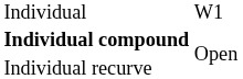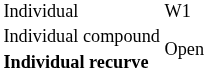 <table>
 <tr>
 <td>Individual<br></td>
 <td>W1</td>
 <td></td>
 <td></td>
 <td></td>
 </tr>
 <tr>
-<td><strong>Individual compound<br></strong></td>
+<td>Individual compound<br></td>
 <td rowspan=2>Open</td>
 <td></td>
 <td></td>
 <td></td>
 </tr>
 <tr>
-<td>Individual recurve<br></td>
+<td><strong>Individual recurve<br></strong></td>
 <td></td>
 <td></td>
 <td></td>
 </tr>
 </table>
